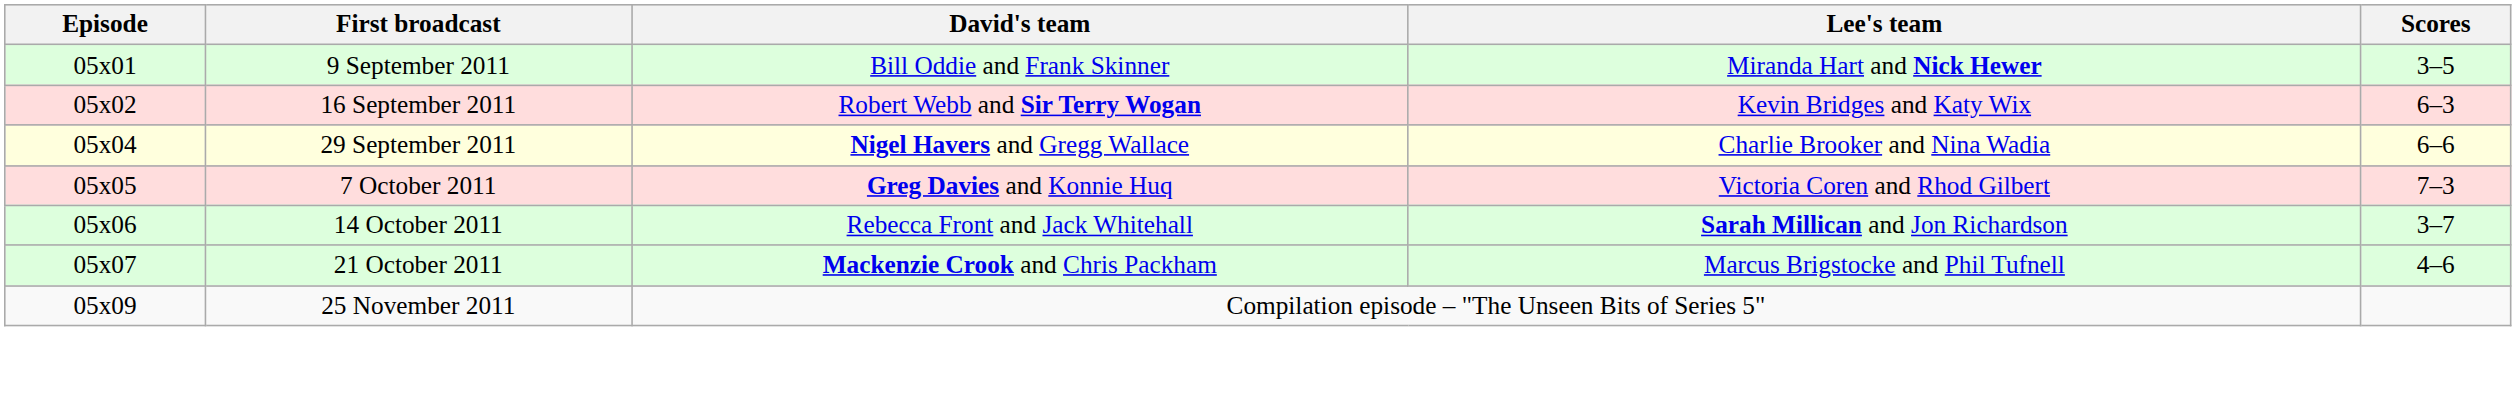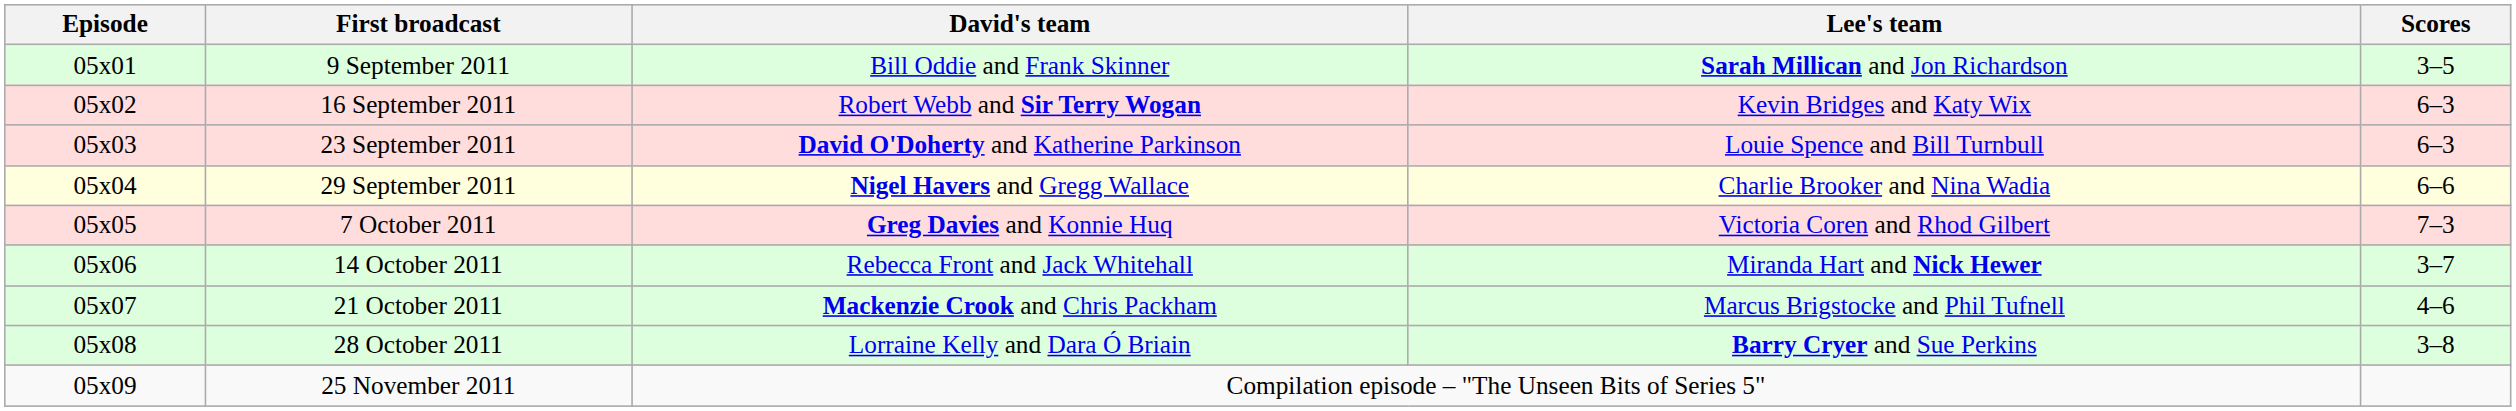 <table class="wikitable"  style="width:80%; left:0 auto; text-align:center;">
 <tr>
 <th style="width:8%;">Episode</th>
 <th style="width:17%;">First broadcast</th>
 <th style="width:31%;">David's team</th>
 <th style="width:38%;">Lee's team</th>
 <th style="width:6%;">Scores</th>
 </tr>
 <tr style="background:#dfd;">
 <td>05x01</td>
 <td>9 September 2011</td>
 <td><a href='#'>Bill Oddie</a> and <a href='#'>Frank Skinner</a></td>
-<td><a href='#'>Miranda Hart</a> and <strong><a href='#'>Nick Hewer</a></strong></td>
+<td><strong><a href='#'>Sarah Millican</a></strong> and <a href='#'>Jon Richardson</a></td>
 <td>3–5</td>
 </tr>
 <tr style="background:#fdd;">
 <td>05x02</td>
 <td>16 September 2011</td>
 <td><a href='#'>Robert Webb</a> and <strong><a href='#'>Sir Terry Wogan</a></strong></td>
 <td><a href='#'>Kevin Bridges</a> and <a href='#'>Katy Wix</a></td>
+<td>6–3</td>
+</tr>
+<tr style="background:#fdd;">
+<td>05x03</td>
+<td>23 September 2011</td>
+<td><strong><a href='#'>David O'Doherty</a></strong> and <a href='#'>Katherine Parkinson</a></td>
+<td><a href='#'>Louie Spence</a> and <a href='#'>Bill Turnbull</a></td>
 <td>6–3</td>
 </tr>
 <tr style="background:#ffd;">
 <td>05x04</td>
 <td>29 September 2011</td>
 <td><strong><a href='#'>Nigel Havers</a></strong> and <a href='#'>Gregg Wallace</a></td>
 <td><a href='#'>Charlie Brooker</a> and <a href='#'>Nina Wadia</a></td>
 <td>6–6</td>
 </tr>
 <tr style="background:#fdd;">
 <td>05x05</td>
 <td>7 October 2011</td>
 <td><strong><a href='#'>Greg Davies</a></strong> and <a href='#'>Konnie Huq</a></td>
 <td><a href='#'>Victoria Coren</a> and <a href='#'>Rhod Gilbert</a></td>
 <td>7–3</td>
 </tr>
 <tr style="background:#dfd;">
 <td>05x06</td>
 <td>14 October 2011</td>
 <td><a href='#'>Rebecca Front</a> and <a href='#'>Jack Whitehall</a></td>
-<td><strong><a href='#'>Sarah Millican</a></strong> and <a href='#'>Jon Richardson</a></td>
+<td><a href='#'>Miranda Hart</a> and <strong><a href='#'>Nick Hewer</a></strong></td>
 <td>3–7</td>
 </tr>
 <tr style="background:#dfd;">
 <td>05x07</td>
 <td>21 October 2011</td>
 <td><strong><a href='#'>Mackenzie Crook</a></strong> and <a href='#'>Chris Packham</a></td>
 <td><a href='#'>Marcus Brigstocke</a> and <a href='#'>Phil Tufnell</a></td>
 <td>4–6</td>
 </tr>
+<tr style="background:#dfd;">
+<td>05x08</td>
+<td>28 October 2011</td>
+<td><a href='#'>Lorraine Kelly</a> and <a href='#'>Dara Ó Briain</a></td>
+<td><strong><a href='#'>Barry Cryer</a></strong> and <a href='#'>Sue Perkins</a></td>
+<td>3–8</td>
+</tr>
 <tr>
 <td>05x09</td>
 <td>25 November 2011</td>
 <td colspan="2">Compilation episode – "The Unseen Bits of Series 5"</td>
 <td></td>
 </tr>
 </table>
